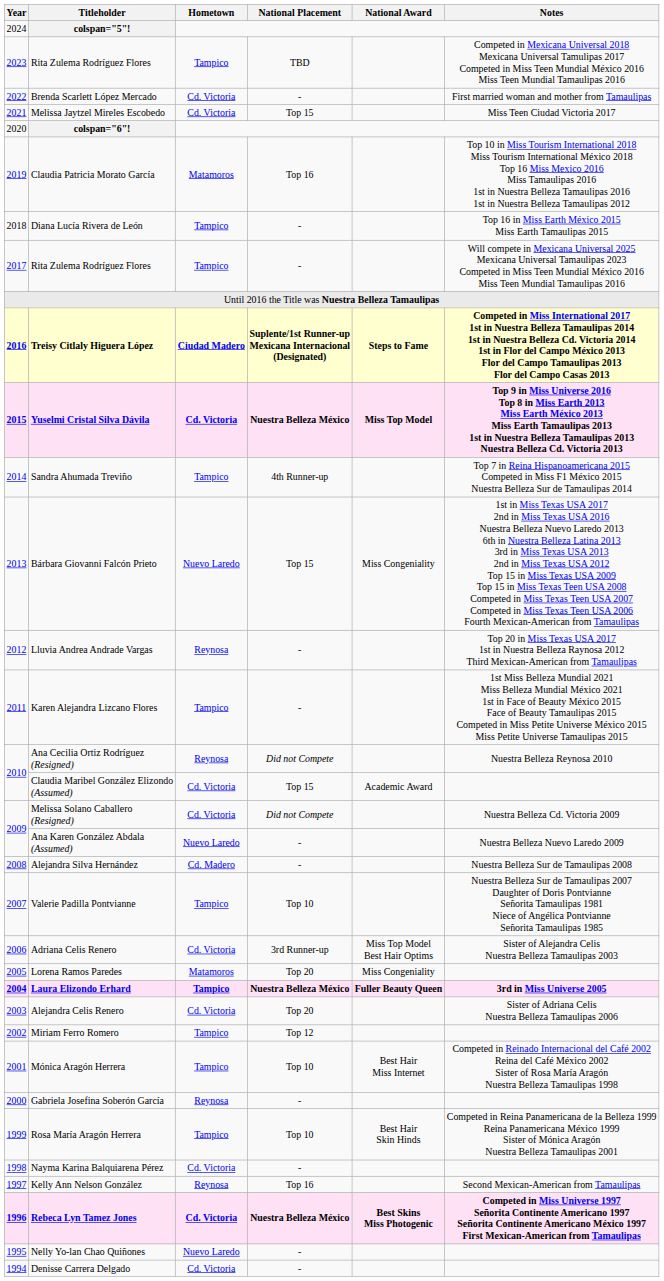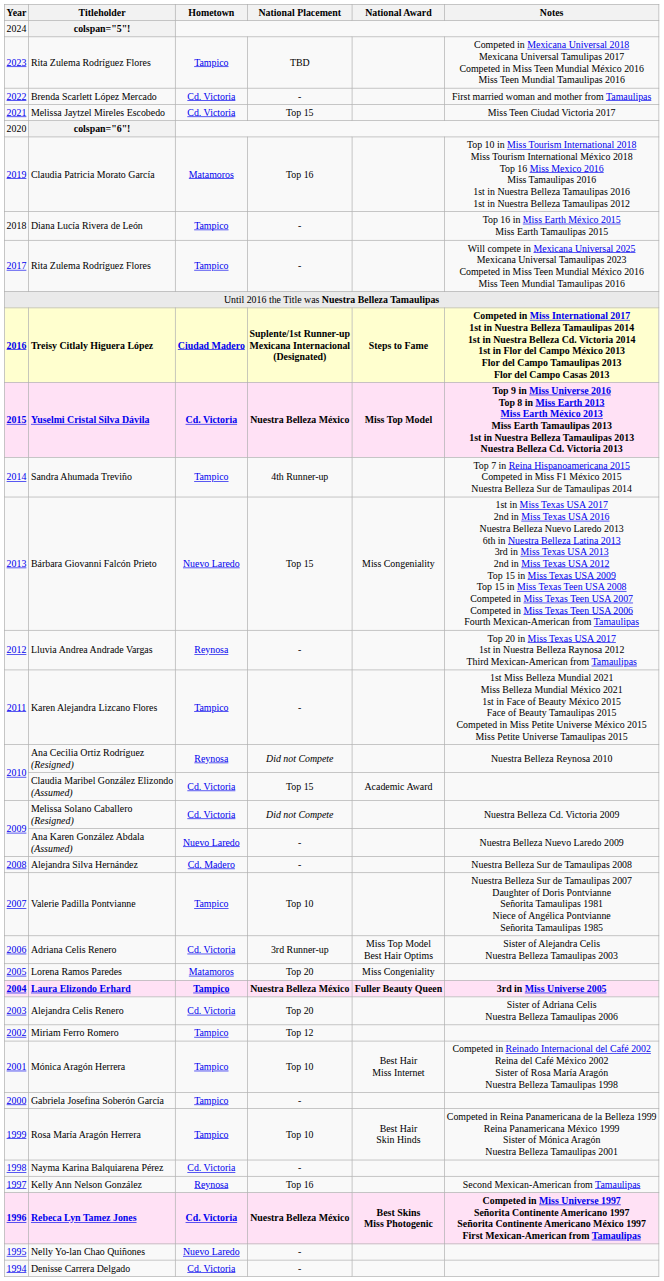 <table class="wikitable sortable" style="font-size: 95%;">
 <tr>
 <th>Year</th>
 <th>Titleholder</th>
 <th>Hometown</th>
 <th>National Placement</th>
 <th>National Award</th>
 <th>Notes</th>
 </tr>
 <tr>
 <td align="center">2024</td>
 <th>colspan="5"!</th>
 </tr>
 <tr>
 <td align="center"><a href='#'>2023</a></td>
 <td>Rita Zulema Rodríguez Flores</td>
 <td align="center"><a href='#'>Tampico</a></td>
 <td align="center">TBD</td>
 <td align="center"></td>
 <td align="center">Competed in <a href='#'>Mexicana Universal 2018</a><br>Mexicana Universal Tamulipas 2017<br>Competed in Miss Teen Mundial México 2016<br>Miss Teen Mundial Tamaulipas 2016</td>
 </tr>
 <tr>
 <td align="center"><a href='#'>2022</a></td>
 <td>Brenda Scarlett López Mercado</td>
 <td align="center"><a href='#'>Cd. Victoria</a></td>
 <td align="center">-</td>
 <td align="center"></td>
 <td align="center">First married woman and mother from <a href='#'>Tamaulipas</a></td>
 </tr>
 <tr>
 <td align="center"><a href='#'>2021</a></td>
 <td>Melissa Jaytzel Mireles Escobedo</td>
 <td align="center"><a href='#'>Cd. Victoria</a></td>
 <td align="center">Top 15</td>
 <td align="center"></td>
 <td align="center">Miss Teen Ciudad Victoria 2017</td>
 </tr>
 <tr>
 <td align="center">2020</td>
 <th>colspan="6"!</th>
 </tr>
 <tr>
 <td align="center"><a href='#'>2019</a></td>
 <td>Claudia Patricia Morato García</td>
 <td align="center"><a href='#'>Matamoros</a></td>
 <td align="center">Top 16</td>
 <td align="center"></td>
 <td align="center">Top 10 in <a href='#'>Miss Tourism International 2018</a><br>Miss Tourism International México 2018<br>Top 16 <a href='#'>Miss Mexico 2016</a><br>Miss Tamaulipas 2016<br>1st in Nuestra Belleza Tamaulipas 2016<br>1st in Nuestra Belleza Tamaulipas 2012</td>
 </tr>
 <tr>
 <td align="center">2018</td>
 <td>Diana Lucía Rivera de León</td>
 <td align="center"><a href='#'>Tampico</a></td>
 <td align="center">-</td>
 <td align="center"></td>
 <td align="center">Top 16 in <a href='#'>Miss Earth México 2015</a><br>Miss Earth Tamaulipas 2015</td>
 </tr>
 <tr>
 <td align="center"><a href='#'>2017</a></td>
 <td>Rita Zulema Rodríguez Flores</td>
 <td align="center"><a href='#'>Tampico</a></td>
 <td align="center">-</td>
 <td align="center"></td>
 <td align="center">Will compete in <a href='#'>Mexicana Universal 2025</a><br>Mexicana Universal Tamaulipas 2023<br>Competed in Miss Teen Mundial México 2016<br>Miss Teen Mundial Tamaulipas 2016</td>
 </tr>
 <tr>
 <td colspan="7" bgcolor="#EAEAEA" style="text-align:center;">Until 2016 the Title was <strong>Nuestra Belleza Tamaulipas</strong></td>
 </tr>
 <tr bgcolor="#FFFFCF">
 <td align="center"><strong><a href='#'>2016</a></strong></td>
 <td><strong>Treisy Citlaly Higuera López</strong></td>
 <td align="center"><strong><a href='#'>Ciudad Madero</a></strong></td>
 <td align="center"><strong>Suplente/1st Runner-up<br>Mexicana Internacional<br>(Designated)</strong></td>
 <td align="center"><strong>Steps to Fame</strong></td>
 <td align="center"><strong>Competed in <a href='#'>Miss International 2017</a><br>1st in Nuestra Belleza Tamaulipas 2014<br>1st in Nuestra Belleza Cd. Victoria 2014<br>1st in Flor del Campo México 2013<br>Flor del Campo Tamaulipas 2013<br>Flor del Campo Casas 2013</strong></td>
 </tr>
 <tr bgcolor="#FFE1F5">
 <td align="center"><strong><a href='#'>2015</a></strong></td>
 <td><strong><a href='#'>Yuselmi Cristal Silva Dávila</a></strong></td>
 <td align="center"><strong><a href='#'>Cd. Victoria</a></strong></td>
 <td align="center"><strong>Nuestra Belleza México</strong></td>
 <td align="center"><strong>Miss Top Model</strong></td>
 <td align="center"><strong>Top 9 in <a href='#'>Miss Universe 2016</a><br>Top 8 in <a href='#'>Miss Earth 2013</a><br><a href='#'>Miss Earth México 2013</a><br>Miss Earth Tamaulipas 2013<br>1st in Nuestra Belleza Tamaulipas 2013<br>Nuestra Belleza Cd. Victoria 2013</strong></td>
 </tr>
 <tr>
 <td align="center"><a href='#'>2014</a></td>
 <td>Sandra Ahumada Treviño</td>
 <td align="center"><a href='#'>Tampico</a></td>
 <td align="center">4th Runner-up</td>
 <td align="center"></td>
 <td align="center">Top 7 in <a href='#'>Reina Hispanoamericana 2015</a><br>Competed in Miss F1 México 2015<br>Nuestra Belleza Sur de Tamaulipas 2014</td>
 </tr>
 <tr>
 <td align="center"><a href='#'>2013</a></td>
 <td>Bárbara Giovanni Falcón Prieto</td>
 <td align="center"><a href='#'>Nuevo Laredo</a></td>
 <td align="center">Top 15</td>
 <td align="center">Miss Congeniality</td>
 <td align="center">1st in <a href='#'>Miss Texas USA 2017</a><br>2nd in <a href='#'>Miss Texas USA 2016</a><br>Nuestra Belleza Nuevo Laredo 2013<br>6th in <a href='#'>Nuestra Belleza Latina 2013</a><br>3rd in <a href='#'>Miss Texas USA 2013</a><br>2nd in <a href='#'>Miss Texas USA 2012</a><br>Top 15 in <a href='#'>Miss Texas USA 2009</a><br>Top 15 in <a href='#'>Miss Texas Teen USA 2008</a><br>Competed in <a href='#'>Miss Texas Teen USA 2007</a><br>Competed in <a href='#'>Miss Texas Teen USA 2006</a><br>Fourth Mexican-American from <a href='#'>Tamaulipas</a></td>
 </tr>
 <tr>
 <td align="center"><a href='#'>2012</a></td>
 <td>Lluvia Andrea Andrade Vargas</td>
 <td align="center"><a href='#'>Reynosa</a></td>
 <td align="center">-</td>
 <td align="center"></td>
 <td align="center">Top 20 in <a href='#'>Miss Texas USA 2017</a><br>1st in Nuestra Belleza Raynosa 2012<br>Third Mexican-American from <a href='#'>Tamaulipas</a></td>
 </tr>
 <tr>
 <td align="center"><a href='#'>2011</a></td>
 <td>Karen Alejandra Lizcano Flores</td>
 <td align="center"><a href='#'>Tampico</a></td>
 <td align="center">-</td>
 <td align="center"></td>
 <td align="center">1st Miss Belleza Mundial 2021<br>Miss Belleza Mundial México 2021<br>1st in Face of Beauty México 2015<br>Face of Beauty Tamaulipas 2015<br>Competed in Miss Petite Universe México 2015<br>Miss Petite Universe Tamaulipas 2015</td>
 </tr>
 <tr>
 <td rowspan=2 align="center"><a href='#'>2010</a></td>
 <td>Ana Cecilia Ortiz Rodríguez<br><em>(Resigned)</em></td>
 <td align="center"><a href='#'>Reynosa</a></td>
 <td align="center"><em>Did not Compete</em></td>
 <td align="center"></td>
 <td align="center">Nuestra Belleza Reynosa 2010</td>
 </tr>
 <tr>
 <td>Claudia Maribel González Elizondo<br><em>(Assumed)</em></td>
 <td align="center"><a href='#'>Cd. Victoria</a></td>
 <td align="center">Top 15</td>
 <td align="center">Academic Award</td>
 <td align="center"></td>
 </tr>
 <tr>
 <td rowspan=2 align="center"><a href='#'>2009</a></td>
 <td>Melissa Solano Caballero<br><em>(Resigned)</em></td>
 <td align="center"><a href='#'>Cd. Victoria</a></td>
 <td align="center"><em>Did not Compete</em></td>
 <td align="center"></td>
 <td align="center">Nuestra Belleza Cd. Victoria 2009</td>
 </tr>
 <tr>
 <td>Ana Karen González Abdala<br><em>(Assumed)</em></td>
 <td align="center"><a href='#'>Nuevo Laredo</a></td>
 <td align="center">-</td>
 <td align="center"></td>
 <td align="center">Nuestra Belleza Nuevo Laredo 2009</td>
 </tr>
 <tr>
 <td align="center"><a href='#'>2008</a></td>
 <td>Alejandra Silva Hernández</td>
 <td align="center"><a href='#'>Cd. Madero</a></td>
 <td align="center">-</td>
 <td align="center"></td>
 <td align="center">Nuestra Belleza Sur de Tamaulipas 2008</td>
 </tr>
 <tr>
 <td align="center"><a href='#'>2007</a></td>
 <td>Valerie Padilla Pontvianne</td>
 <td align="center"><a href='#'>Tampico</a></td>
 <td align="center">Top 10</td>
 <td align="center"></td>
 <td align="center">Nuestra Belleza Sur de Tamaulipas 2007<br>Daughter of Doris Pontvianne<br>Señorita Tamaulipas 1981<br>Niece of Angélica Pontvianne<br>Señorita Tamaulipas 1985</td>
 </tr>
 <tr>
 <td align="center"><a href='#'>2006</a></td>
 <td>Adriana Celis Renero</td>
 <td align="center"><a href='#'>Cd. Victoria</a></td>
 <td align="center">3rd Runner-up</td>
 <td align="center">Miss Top Model<br>Best Hair Optims</td>
 <td align="center">Sister of Alejandra Celis<br>Nuestra Belleza Tamaulipas 2003</td>
 </tr>
 <tr>
 <td align="center"><a href='#'>2005</a></td>
 <td>Lorena Ramos Paredes</td>
 <td align="center"><a href='#'>Matamoros</a></td>
 <td align="center">Top 20</td>
 <td align="center">Miss Congeniality</td>
 <td align="center"></td>
 </tr>
 <tr bgcolor="#FFE1F5">
 <td align="center"><strong><a href='#'>2004</a></strong></td>
 <td><strong><a href='#'>Laura Elizondo Erhard</a></strong></td>
 <td align="center"><strong><a href='#'>Tampico</a></strong></td>
 <td align="center"><strong>Nuestra Belleza México</strong></td>
 <td align="center"><strong>Fuller Beauty Queen</strong></td>
 <td align="center"><strong>3rd in <a href='#'>Miss Universe 2005</a></strong></td>
 </tr>
 <tr>
 <td align="center"><a href='#'>2003</a></td>
 <td>Alejandra Celis Renero</td>
 <td align="center"><a href='#'>Cd. Victoria</a></td>
 <td align="center">Top 20</td>
 <td align="center"></td>
 <td align="center">Sister of Adriana Celis<br>Nuestra Belleza Tamaulipas 2006</td>
 </tr>
 <tr>
 <td align="center"><a href='#'>2002</a></td>
 <td>Miriam Ferro Romero</td>
 <td align="center"><a href='#'>Tampico</a></td>
 <td align="center">Top 12</td>
 <td align="center"></td>
 <td align="center"></td>
 </tr>
 <tr>
 <td align="center"><a href='#'>2001</a></td>
 <td>Mónica Aragón Herrera</td>
 <td align="center"><a href='#'>Tampico</a></td>
 <td align="center">Top 10</td>
 <td align="center">Best Hair<br>Miss Internet</td>
 <td align="center">Competed in <a href='#'>Reinado Internacional del Café 2002</a><br>Reina del Café México 2002<br>Sister of Rosa María Aragón<br>Nuestra Belleza Tamaulipas 1998</td>
 </tr>
 <tr>
 <td align="center"><a href='#'>2000</a></td>
 <td>Gabriela Josefina Soberón García</td>
-<td align="center"><a href='#'>Reynosa</a></td>
+<td align="center"><a href='#'>Tampico</a></td>
 <td align="center">-</td>
 <td align="center"></td>
 <td align="center"></td>
 </tr>
 <tr>
 <td align="center"><a href='#'>1999</a></td>
 <td>Rosa María Aragón Herrera</td>
 <td align="center"><a href='#'>Tampico</a></td>
 <td align="center">Top 10</td>
 <td align="center">Best Hair<br>Skin Hinds</td>
 <td align="center">Competed in Reina Panamericana de la Belleza 1999<br>Reina Panamericana México 1999<br>Sister of Mónica Aragón<br>Nuestra Belleza Tamaulipas 2001</td>
 </tr>
 <tr>
 <td align="center"><a href='#'>1998</a></td>
 <td>Nayma Karina Balquiarena Pérez</td>
 <td align="center"><a href='#'>Cd. Victoria</a></td>
 <td align="center">-</td>
 <td align="center"></td>
 <td align="center"></td>
 </tr>
 <tr>
 <td align="center"><a href='#'>1997</a></td>
 <td>Kelly Ann Nelson González</td>
 <td align="center"><a href='#'>Reynosa</a></td>
 <td align="center">Top 16</td>
 <td align="center"></td>
 <td align="center">Second Mexican-American from <a href='#'>Tamaulipas</a></td>
 </tr>
 <tr bgcolor="#FFE1F5">
 <td align="center"><strong><a href='#'>1996</a></strong></td>
 <td><strong><a href='#'>Rebeca Lyn Tamez Jones</a></strong></td>
 <td align="center"><strong><a href='#'>Cd. Victoria</a></strong></td>
 <td align="center"><strong>Nuestra Belleza México</strong></td>
 <td align="center"><strong>Best Skins<br>Miss Photogenic</strong></td>
 <td align="center"><strong>Competed in <a href='#'>Miss Universe 1997</a><br>Señorita Continente Americano 1997<br>Señorita Continente Americano México 1997<br>First Mexican-American from <a href='#'>Tamaulipas</a></strong></td>
 </tr>
 <tr>
 <td align="center"><a href='#'>1995</a></td>
 <td>Nelly Yo-lan Chao Quiñones</td>
 <td align="center"><a href='#'>Nuevo Laredo</a></td>
 <td align="center">-</td>
 <td align="center"></td>
 <td align="center"></td>
 </tr>
 <tr>
 <td align="center"><a href='#'>1994</a></td>
 <td>Denisse Carrera Delgado</td>
 <td align="center"><a href='#'>Cd. Victoria</a></td>
 <td align="center">-</td>
 <td align="center"></td>
 <td align="center"></td>
 </tr>
 </table>
